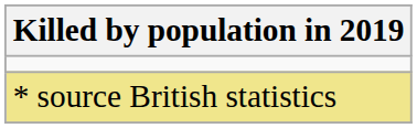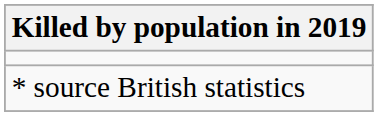 <table class="wikitable">
 <tr>
 <th>Killed by population in 2019</th>
 </tr>
 <tr>
 <td></td>
 </tr>
 <tr>
-<td style="background: khaki;">* source British statistics</td>
+<td>* source British statistics</td>
 </tr>
 </table>
